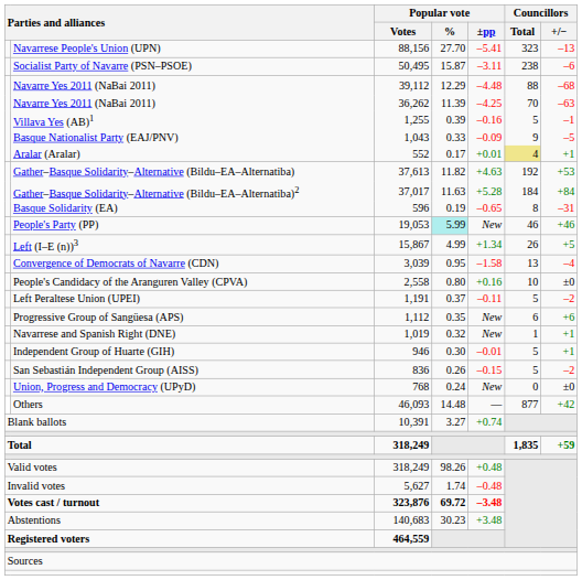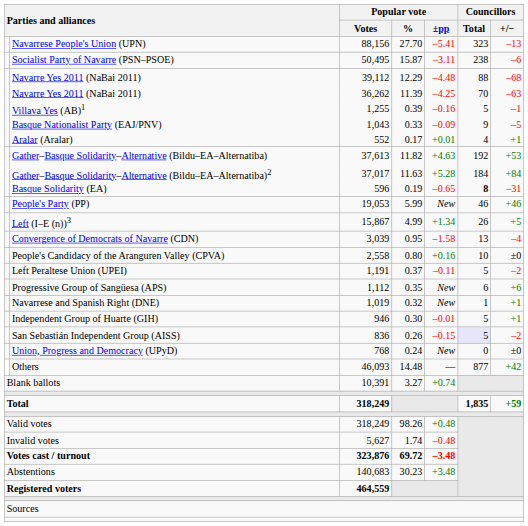 <table class="wikitable" style="text-align:right;">
 <tr>
 <th style="text-align:left;" rowspan="2" colspan="2" width="525">Parties and alliances</th>
 <th colspan="3">Popular vote</th>
 <th colspan="2">Councillors</th>
 </tr>
 <tr>
 <th width="75">Votes</th>
 <th width="45">%</th>
 <th width="45">±<a href='#'>pp</a></th>
 <th width="45">Total</th>
 <th width="45">+/−</th>
 </tr>
 <tr>
 <td width="1" style="color:inherit;background:"></td>
 <td align="left"><a href='#'>Navarrese People's Union</a> (UPN)</td>
 <td>88,156</td>
 <td>27.70</td>
 <td style="color:red;">–5.41</td>
 <td>323</td>
 <td style="color:red;">–13</td>
 </tr>
 <tr>
 <td style="color:inherit;background:"></td>
 <td align="left"><a href='#'>Socialist Party of Navarre</a> (PSN–PSOE)</td>
 <td>50,495</td>
 <td>15.87</td>
 <td style="color:red;">–3.11</td>
 <td>238</td>
 <td style="color:red;">–6</td>
 </tr>
 <tr style="line-height:22px;">
 <td rowspan="5" style="color:inherit;background:"></td>
 <td align="left"><a href='#'>Navarre Yes 2011</a> (NaBai 2011)</td>
 <td>39,112</td>
 <td>12.29</td>
 <td style="color:red;">–4.48</td>
 <td>88</td>
 <td style="color:red;">–68</td>
 </tr>
 <tr style="border-bottom-style:hidden; border-top-style:hidden; line-height:16px;">
 <td align="left"><span><a href='#'>Navarre Yes 2011</a> (NaBai 2011)</span></td>
 <td>36,262</td>
 <td>11.39</td>
 <td style="color:red;">–4.25</td>
 <td>70</td>
 <td style="color:red;">–63</td>
 </tr>
 <tr style="border-bottom-style:hidden; line-height:16px;">
 <td align="left"><span><a href='#'>Villava Yes</a> (AB)<sup>1</sup></span></td>
 <td>1,255</td>
 <td>0.39</td>
 <td style="color:red;">–0.16</td>
 <td>5</td>
 <td style="color:red;">–1</td>
 </tr>
 <tr style="border-bottom-style:hidden; line-height:16px;">
 <td align="left"><span><a href='#'>Basque Nationalist Party</a> (EAJ/PNV)</span></td>
 <td>1,043</td>
 <td>0.33</td>
 <td style="color:red;">–0.09</td>
 <td>9</td>
 <td style="color:red;">–5</td>
 </tr>
 <tr style="line-height:16px;">
 <td align="left"><span><a href='#'>Aralar</a> (Aralar)</span></td>
 <td>552</td>
 <td>0.17</td>
 <td style="color:green;">+0.01</td>
-<td style="background: khaki;">4</td>
+<td>4</td>
 <td style="color:green;">+1</td>
 </tr>
 <tr style="line-height:22px;">
 <td rowspan="3" style="color:inherit;background:"></td>
 <td align="left"><a href='#'>Gather</a>–<a href='#'>Basque Solidarity</a>–<a href='#'>Alternative</a> (Bildu–EA–Alternatiba)</td>
 <td>37,613</td>
 <td>11.82</td>
 <td style="color:green;">+4.63</td>
 <td>192</td>
 <td style="color:green;">+53</td>
 </tr>
 <tr style="border-bottom-style:hidden; border-top-style:hidden; line-height:16px;">
 <td align="left"><span><a href='#'>Gather</a>–<a href='#'>Basque Solidarity</a>–<a href='#'>Alternative</a> (Bildu–EA–Alternatiba)<sup>2</sup></span></td>
 <td>37,017</td>
 <td>11.63</td>
 <td style="color:green;">+5.28</td>
 <td>184</td>
 <td style="color:green;">+84</td>
 </tr>
 <tr style="line-height:16px;">
 <td align="left"><span><a href='#'>Basque Solidarity</a> (EA)</span></td>
 <td>596</td>
 <td>0.19</td>
 <td style="color:red;">–0.65</td>
-<td>8</td>
+<td><strong>8</strong></td>
 <td style="color:red;">–31</td>
 </tr>
 <tr>
 <td style="color:inherit;background:"></td>
 <td align="left"><a href='#'>People's Party</a> (PP)</td>
 <td>19,053</td>
-<td style="background: paleturquoise;">5.99</td>
+<td>5.99</td>
 <td><em>New</em></td>
 <td>46</td>
 <td style="color:green;">+46</td>
 </tr>
 <tr>
 <td style="color:inherit;background:"></td>
 <td align="left"><a href='#'>Left</a> (I–E (n))<sup>3</sup></td>
 <td>15,867</td>
 <td>4.99</td>
 <td style="color:green;">+1.34</td>
 <td>26</td>
 <td style="color:green;">+5</td>
 </tr>
 <tr>
 <td style="color:inherit;background:"></td>
 <td align="left"><a href='#'>Convergence of Democrats of Navarre</a> (CDN)</td>
 <td>3,039</td>
 <td>0.95</td>
 <td style="color:red;">–1.58</td>
 <td>13</td>
 <td style="color:red;">–4</td>
 </tr>
 <tr>
 <td style="color:inherit;background:"></td>
 <td align="left">People's Candidacy of the Aranguren Valley (CPVA)</td>
 <td>2,558</td>
 <td>0.80</td>
 <td style="color:green;">+0.16</td>
 <td>10</td>
 <td>±0</td>
 </tr>
 <tr>
 <td style="color:inherit;background:"></td>
 <td align="left">Left Peraltese Union (UPEI)</td>
 <td>1,191</td>
 <td>0.37</td>
 <td style="color:red;">–0.11</td>
 <td>5</td>
 <td style="color:red;">–2</td>
 </tr>
 <tr>
 <td style="color:inherit;background:"></td>
 <td align="left">Progressive Group of Sangüesa (APS)</td>
 <td>1,112</td>
 <td>0.35</td>
 <td><em>New</em></td>
 <td>6</td>
 <td style="color:green;">+6</td>
 </tr>
 <tr>
 <td style="color:inherit;background:"></td>
 <td align="left">Navarrese and Spanish Right (DNE)</td>
 <td>1,019</td>
 <td>0.32</td>
 <td><em>New</em></td>
 <td>1</td>
 <td style="color:green;">+1</td>
 </tr>
 <tr>
 <td style="color:inherit;background:"></td>
 <td align="left">Independent Group of Huarte (GIH)</td>
 <td>946</td>
 <td>0.30</td>
 <td style="color:red;">–0.01</td>
 <td>5</td>
 <td style="color:green;">+1</td>
 </tr>
 <tr>
 <td style="color:inherit;background:"></td>
 <td align="left">San Sebastián Independent Group (AISS)</td>
 <td>836</td>
 <td>0.26</td>
 <td style="color:red;">–0.15</td>
-<td>5</td>
+<td style="background: lavender;">5</td>
 <td style="color:red;">–2</td>
 </tr>
 <tr>
 <td style="color:inherit;background:"></td>
 <td align="left"><a href='#'>Union, Progress and Democracy</a> (UPyD)</td>
 <td>768</td>
 <td>0.24</td>
 <td><em>New</em></td>
 <td>0</td>
 <td>±0</td>
 </tr>
 <tr>
 <td bgcolor="white"></td>
 <td align="left">Others</td>
 <td>46,093</td>
 <td>14.48</td>
 <td>—</td>
 <td>877</td>
 <td style="color:green;">+42</td>
 </tr>
 <tr>
 <td align="left" colspan="2">Blank ballots</td>
 <td>10,391</td>
 <td>3.27</td>
 <td style="color:green;">+0.74</td>
 <td bgcolor="#E9E9E9" colspan="2"></td>
 </tr>
 <tr>
 <td colspan="7" bgcolor="#E9E9E9"></td>
 </tr>
 <tr style="font-weight:bold;">
 <td align="left" colspan="2">Total</td>
 <td>318,249</td>
 <td bgcolor="#E9E9E9" colspan="2"></td>
 <td>1,835</td>
 <td style="color:green;">+59</td>
 </tr>
 <tr>
 <td colspan="7" bgcolor="#E9E9E9"></td>
 </tr>
 <tr>
 <td align="left" colspan="2">Valid votes</td>
 <td>318,249</td>
 <td>98.26</td>
 <td style="color:green;">+0.48</td>
 <td bgcolor="#E9E9E9" colspan="2" rowspan="5"></td>
 </tr>
 <tr>
 <td align="left" colspan="2">Invalid votes</td>
 <td>5,627</td>
 <td>1.74</td>
 <td style="color:red;">–0.48</td>
 </tr>
 <tr style="font-weight:bold;">
 <td align="left" colspan="2">Votes cast / turnout</td>
 <td>323,876</td>
 <td>69.72</td>
 <td style="color:red;">–3.48</td>
 </tr>
 <tr>
 <td align="left" colspan="2">Abstentions</td>
 <td>140,683</td>
 <td>30.23</td>
 <td style="color:green;">+3.48</td>
 </tr>
 <tr style="font-weight:bold;">
 <td align="left" colspan="2">Registered voters</td>
 <td>464,559</td>
 <td bgcolor="#E9E9E9" colspan="2"></td>
 </tr>
 <tr>
 <td colspan="7" bgcolor="#E9E9E9"></td>
 </tr>
 <tr>
 <td align="left" colspan="7">Sources</td>
 </tr>
 <tr>
 <td colspan="7" style="text-align:left; max-width:790px;"></td>
 </tr>
 </table>
